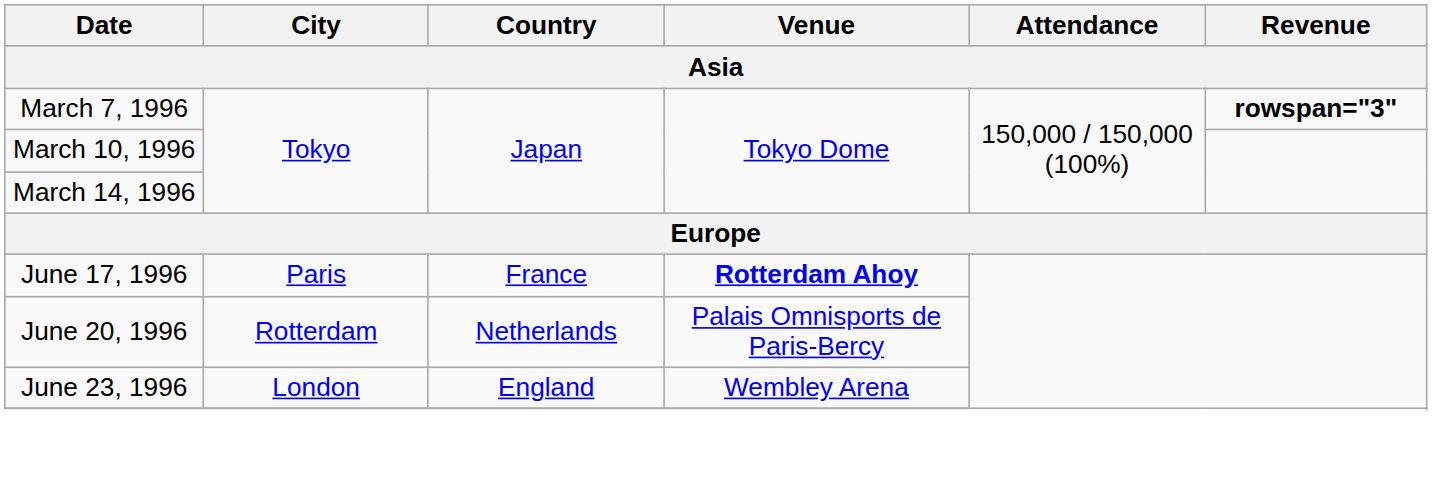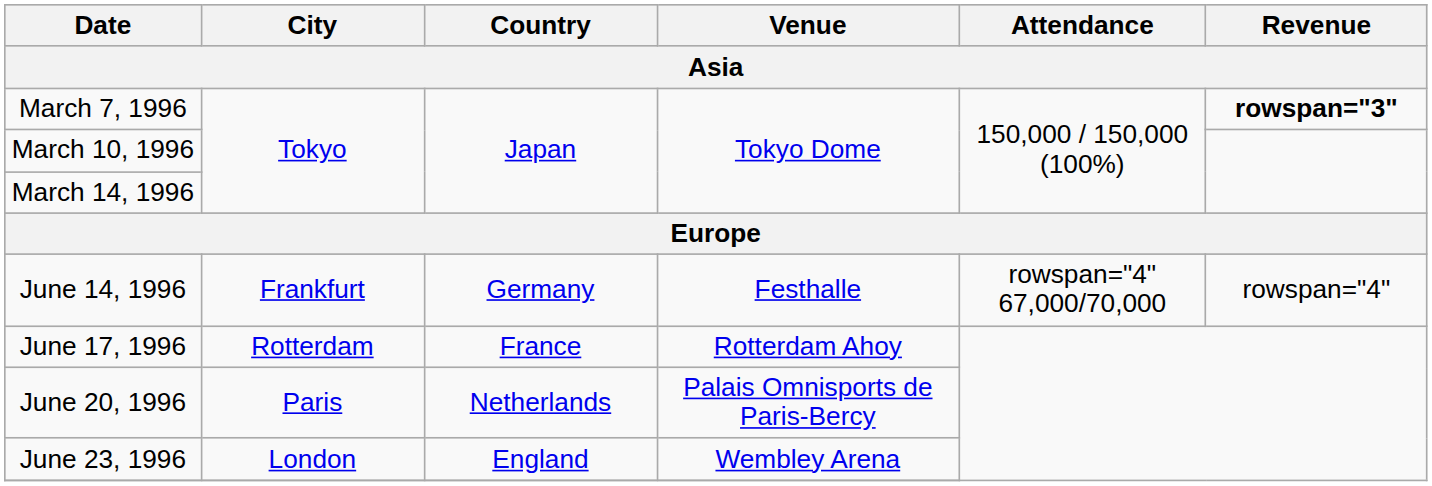 <table class="wikitable" style="text-align:center;">
 <tr>
 <th scope="col" style="width:12em;">Date</th>
 <th scope="col" style="width:12em;">City</th>
 <th scope="col" style="width:12em;">Country</th>
 <th scope="col" style="width:18em;">Venue</th>
 <th scope="col" style="width:12em;">Attendance</th>
 <th scope="col" style="width:10em;">Revenue</th>
 </tr>
 <tr>
 <th colspan="6">Asia </th>
 </tr>
 <tr>
 <td>March 7, 1996</td>
 <td rowspan="3"><a href='#'>Tokyo</a></td>
 <td rowspan="3"><a href='#'>Japan</a></td>
 <td rowspan="3"><a href='#'>Tokyo Dome</a></td>
 <td rowspan="3">150,000 / 150,000 (100%)</td>
 <td><strong>rowspan="3" </strong></td>
 </tr>
 <tr>
 <td>March 10, 1996</td>
 </tr>
 <tr>
 <td>March 14, 1996</td>
 </tr>
 <tr>
 <th colspan="6">Europe</th>
 </tr>
 <tr>
+<td>June 14, 1996</td>
+<td><a href='#'>Frankfurt</a></td>
+<td><a href='#'>Germany</a></td>
+<td><a href='#'>Festhalle</a></td>
+<td>rowspan="4"  67,000/70,000</td>
+<td>rowspan="4" </td>
+</tr>
+<tr>
 <td>June 17, 1996</td>
-<td><a href='#'>Paris</a></td>
+<td><a href='#'>Rotterdam</a></td>
 <td><a href='#'>France</a></td>
-<td><strong><a href='#'>Rotterdam Ahoy</a></strong></td>
+<td><a href='#'>Rotterdam Ahoy</a></td>
 </tr>
 <tr>
 <td>June 20, 1996</td>
-<td><a href='#'>Rotterdam</a></td>
+<td><a href='#'>Paris</a></td>
 <td><a href='#'>Netherlands</a></td>
 <td><a href='#'>Palais Omnisports de Paris-Bercy</a></td>
 </tr>
 <tr>
 <td>June 23, 1996</td>
 <td><a href='#'>London</a></td>
 <td><a href='#'>England</a></td>
 <td><a href='#'>Wembley Arena</a></td>
 </tr>
 <tr>
 </tr>
 </table>
